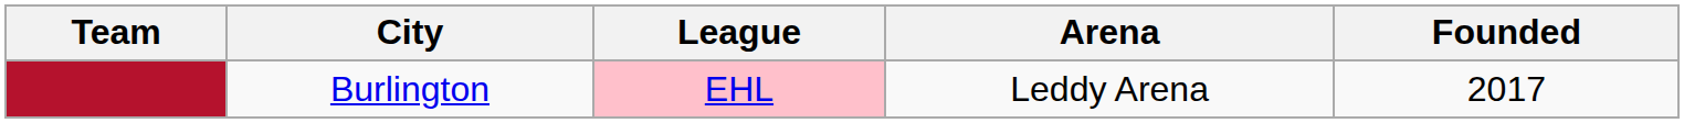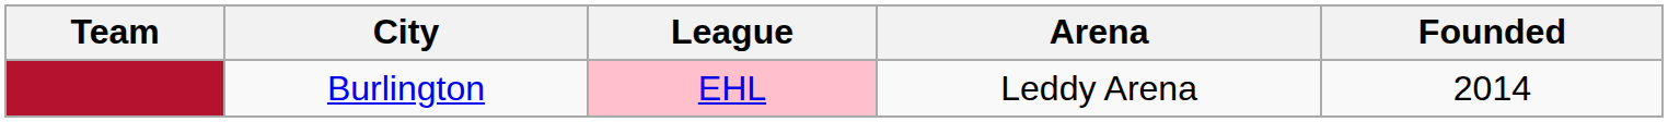 <table class="wikitable sortable" width="60%">
 <tr>
 <th>Team</th>
 <th>City</th>
 <th>League</th>
 <th>Arena</th>
 <th>Founded</th>
 </tr>
 <tr align=center>
 <td style="color:white; background:#b5122d; "><strong><a href='#'></a></strong></td>
 <td><a href='#'>Burlington</a></td>
 <td style="background: pink;"><a href='#'>EHL</a></td>
 <td>Leddy Arena</td>
-<td>2017</td>
+<td>2014</td>
 </tr>
 </table>
